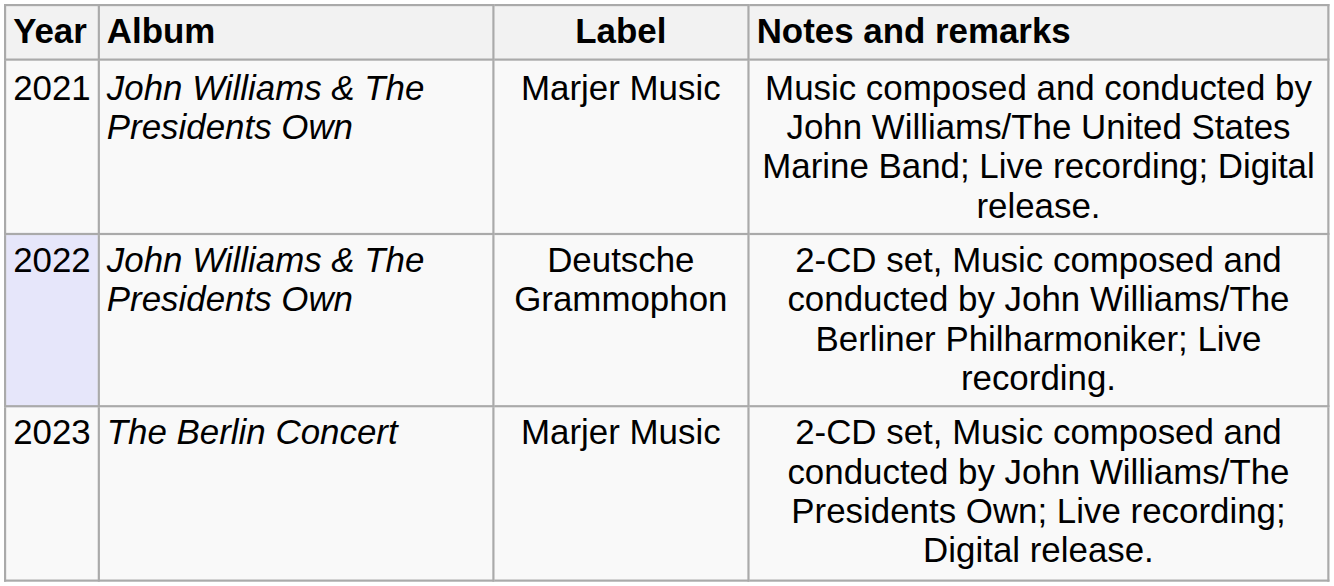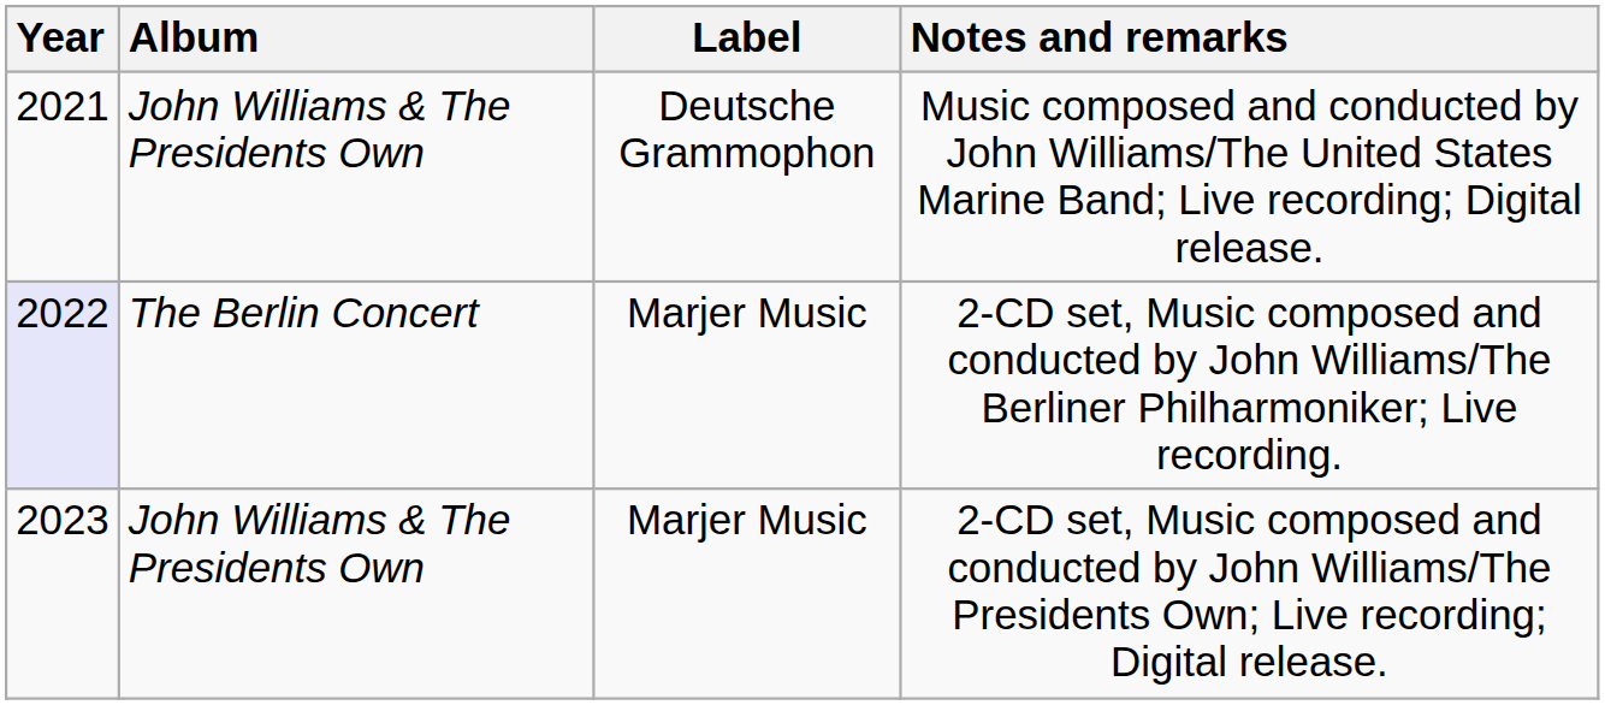 <table class="wikitable">
 <tr>
 <th style="vertical-align:top; text-align:left; width:25px;">Year</th>
 <th style="vertical-align:top; text-align:left; width:500px;">Album</th>
 <th style="vertical-align:top; text-align:center; width:150px;">Label</th>
 <th style="vertical-align:top; text-align:left; width:750px;">Notes and remarks</th>
 </tr>
 <tr style="vertical-align:top;">
 <td style="text-align:left; ">2021</td>
 <td style="text-align:left; vertical-align:top;"><em>John Williams & The Presidents Own</em></td>
-<td style="text-align:center; vertical-align:top;">Marjer Music</td>
+<td style="text-align:center; vertical-align:top;">Deutsche Grammophon</td>
 <td style="text-align:center; vertical-align:top;">Music composed and conducted by John Williams/The United States Marine Band; Live recording; Digital release.</td>
 </tr>
 <tr style="vertical-align:top;">
 <td style="background: lavender; text-align:left; ">2022</td>
-<td style="text-align:left; vertical-align:top;"><em>John Williams & The Presidents Own</em></td>
-<td style="text-align:center; vertical-align:top;">Deutsche Grammophon</td>
+<td style="text-align:left; vertical-align:top;"><em>The Berlin Concert</em></td>
+<td style="text-align:center; vertical-align:top;">Marjer Music</td>
 <td style="text-align:center; vertical-align:top;">2-CD set, Music composed and conducted by John Williams/The Berliner Philharmoniker; Live recording.</td>
 </tr>
 <tr style="vertical-align:top;">
 <td style="text-align:left; ">2023</td>
-<td style="text-align:left; vertical-align:top;"><em>The Berlin Concert</em></td>
+<td style="text-align:left; vertical-align:top;"><em>John Williams & The Presidents Own</em></td>
 <td style="text-align:center; vertical-align:top;">Marjer Music</td>
 <td style="text-align:center; vertical-align:top;">2-CD set, Music composed and conducted by John Williams/The Presidents Own; Live recording; Digital release.</td>
 </tr>
 </table>
